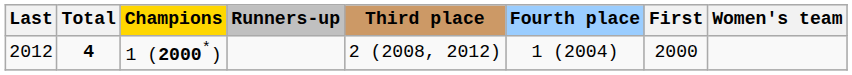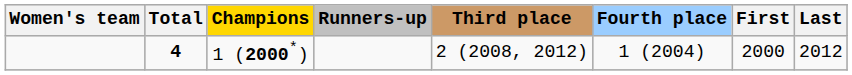 <table class="wikitable" style="text-align: center; font-size: 90%; margin-left: 1em;">
 <tr>
-<th>Last</th>
+<th>Women's team</th>
 <th>Total</th>
 <th style="background-color: gold;">Champions</th>
 <th style="background-color: silver;">Runners-up</th>
 <th style="background-color: #cc9966;">Third place</th>
 <th style="background-color: #9acdff;">Fourth place</th>
 <th>First</th>
-<th>Women's team</th>
+<th>Last</th>
 </tr>
 <tr>
-<td>2012</td>
+<td style="text-align: left;"></td>
 <td><strong>4</strong></td>
 <td>1 (<strong>2000</strong><sup>*</sup>)</td>
 <td></td>
 <td>2 (2008, 2012)</td>
 <td>1 (2004)</td>
 <td>2000</td>
-<td style="text-align: left;"></td>
+<td>2012</td>
 </tr>
 </table>
